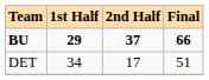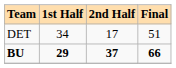 <table class="wikitable" align=right>
 <tr bgcolor=#ffdead align=center>
 <td><strong>Team</strong></td>
 <td><strong>1st Half</strong></td>
 <td><strong>2nd Half</strong></td>
 <td><strong>Final</strong></td>
 </tr>
 <tr>
+<td>DET</td>
+<td align=center>34</td>
+<td align=center>17</td>
+<td align=center>51</td>
+</tr>
+<tr>
 <td><strong>BU</strong></td>
 <td align=center><strong>29</strong></td>
 <td align=center><strong>37</strong></td>
 <td align=center><strong>66</strong></td>
 </tr>
 <tr>
-<td>DET</td>
-<td align=center>34</td>
-<td align=center>17</td>
-<td align=center>51</td>
-</tr>
-<tr>
 </tr>
 </table>
